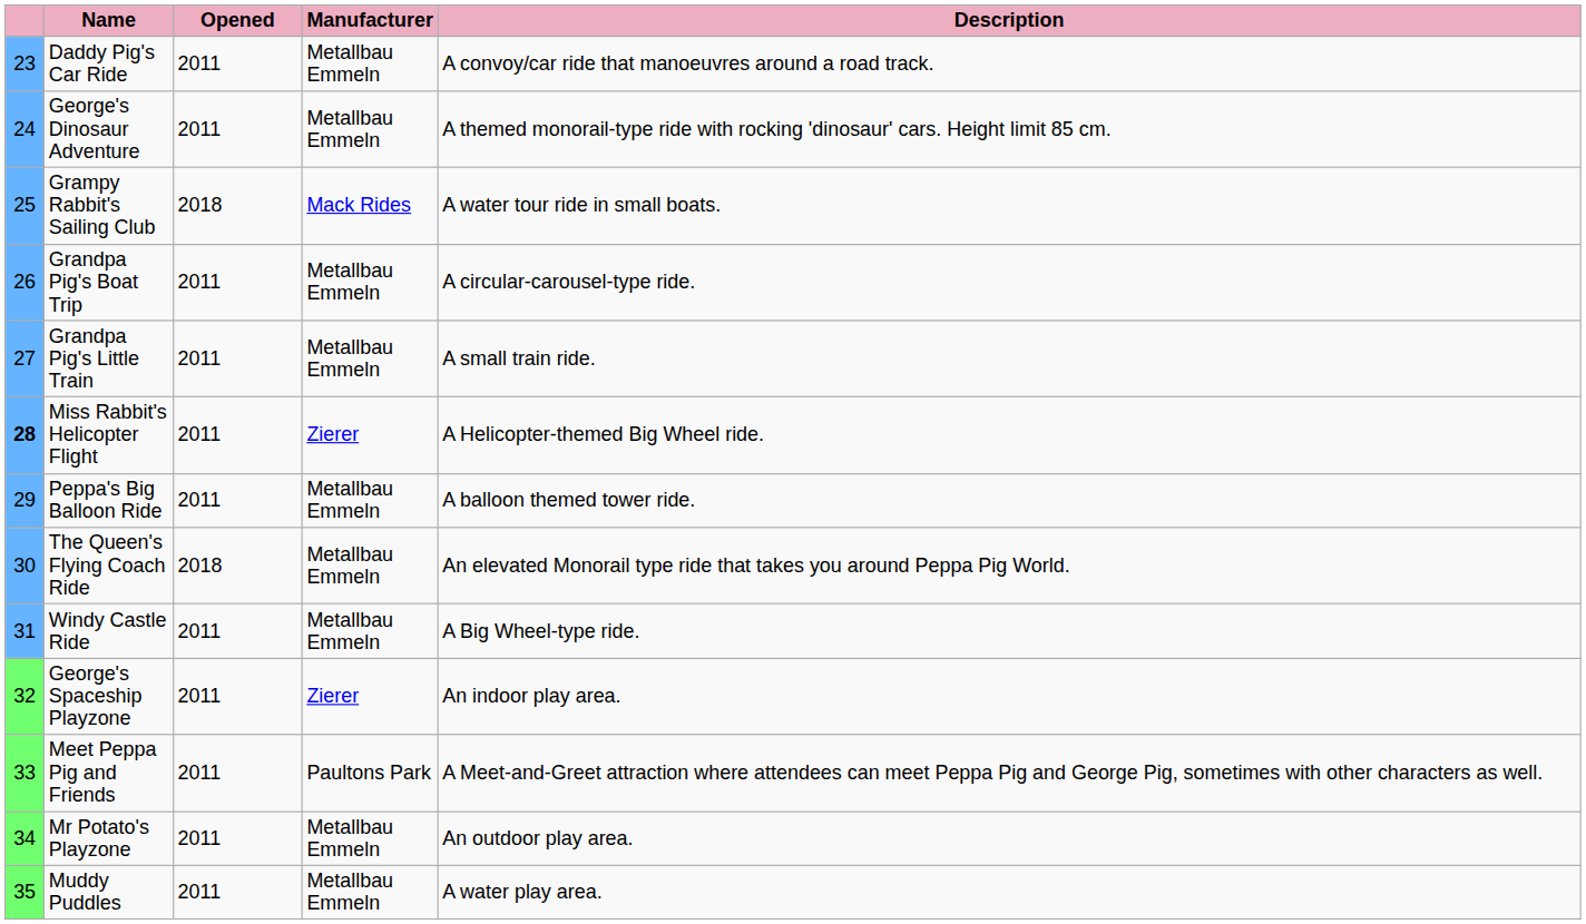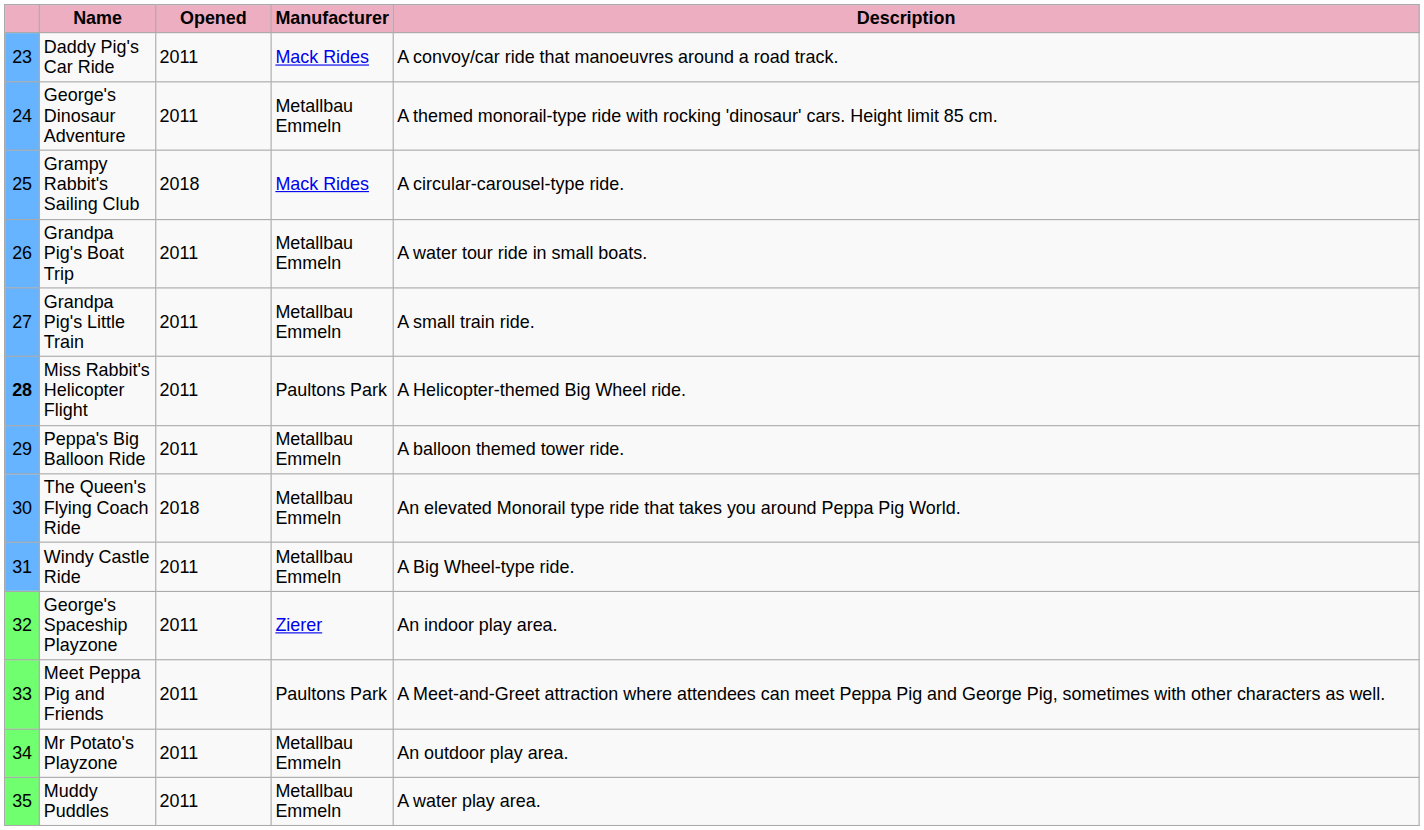 <table class="wikitable" style="width: 100%; font sizes: 95%;">
 <tr>
 <th style="background-color: #eeaec2; width: 1.5em;"></th>
 <th style="background-color: #eeaec2; width: 6em;">Name</th>
 <th style="background-color: #eeaec2; width: 6em;">Opened</th>
 <th style="background-color: #eeaec2; width: 6em;">Manufacturer</th>
 <th style="background-color: #eeaec2;">Description</th>
 </tr>
 <tr>
 <td bgcolor="#66b3ff" style="text-align: center;">23</td>
 <td>Daddy Pig's Car Ride</td>
 <td>2011</td>
-<td>Metallbau Emmeln</td>
+<td><a href='#'>Mack Rides</a></td>
 <td>A convoy/car ride that manoeuvres around a road track.</td>
 </tr>
 <tr>
 <td bgcolor="#66b3ff" style="text-align: center;">24</td>
 <td>George's Dinosaur Adventure</td>
 <td>2011</td>
 <td>Metallbau Emmeln</td>
 <td>A themed monorail-type ride with rocking 'dinosaur' cars. Height limit 85 cm.</td>
 </tr>
 <tr>
 <td bgcolor="#66b3ff" style="text-align: center;">25</td>
 <td>Grampy Rabbit's Sailing Club</td>
 <td>2018</td>
 <td><a href='#'>Mack Rides</a></td>
-<td>A water tour ride in small boats.</td>
+<td>A circular-carousel-type ride.</td>
 </tr>
 <tr>
 <td bgcolor="#66b3ff" style="text-align: center;">26</td>
 <td>Grandpa Pig's Boat Trip</td>
 <td>2011</td>
 <td>Metallbau Emmeln</td>
-<td>A circular-carousel-type ride.</td>
+<td>A water tour ride in small boats.</td>
 </tr>
 <tr>
 <td bgcolor="#66b3ff" style="text-align: center;">27</td>
 <td>Grandpa Pig's Little Train</td>
 <td>2011</td>
 <td>Metallbau Emmeln</td>
 <td>A small train ride.</td>
 </tr>
 <tr>
 <td bgcolor="#66b3ff" style="text-align: center;"><strong>28</strong></td>
 <td>Miss Rabbit's Helicopter Flight</td>
 <td>2011</td>
-<td><a href='#'>Zierer</a></td>
+<td>Paultons Park</td>
 <td>A Helicopter-themed Big Wheel ride.</td>
 </tr>
 <tr>
 <td bgcolor="#66b3ff" style="text-align: center;">29</td>
 <td>Peppa's Big Balloon Ride</td>
 <td>2011</td>
 <td>Metallbau Emmeln</td>
 <td>A balloon themed tower ride.</td>
 </tr>
 <tr>
 <td bgcolor="#66b3ff" style="text-align: center;">30</td>
 <td>The Queen's Flying Coach Ride</td>
 <td>2018</td>
 <td>Metallbau Emmeln</td>
 <td>An elevated Monorail type ride that takes you around Peppa Pig World.</td>
 </tr>
 <tr>
 <td bgcolor="#66b3ff" style="text-align: center;">31</td>
 <td>Windy Castle Ride</td>
 <td>2011</td>
 <td>Metallbau Emmeln</td>
 <td>A Big Wheel-type ride.</td>
 </tr>
 <tr>
 <td bgcolor="#70FF6E" style="text-align: center;">32</td>
 <td>George's Spaceship Playzone</td>
 <td>2011</td>
 <td><a href='#'>Zierer</a></td>
 <td>An indoor play area.</td>
 </tr>
 <tr>
 <td bgcolor="#70FF6E" style="text-align: center;">33</td>
 <td>Meet Peppa Pig and Friends</td>
 <td>2011</td>
 <td>Paultons Park</td>
 <td>A Meet-and-Greet attraction where attendees can meet Peppa Pig and George Pig, sometimes with other characters as well.</td>
 </tr>
 <tr>
 <td bgcolor="#70FF6E" style="text-align: center;">34</td>
 <td>Mr Potato's Playzone</td>
 <td>2011</td>
 <td>Metallbau Emmeln</td>
 <td>An outdoor play area.</td>
 </tr>
 <tr>
 <td bgcolor="#70FF6E" style="text-align: center;">35</td>
 <td>Muddy Puddles</td>
 <td>2011</td>
 <td>Metallbau Emmeln</td>
 <td>A water play area.</td>
 </tr>
 </table>
